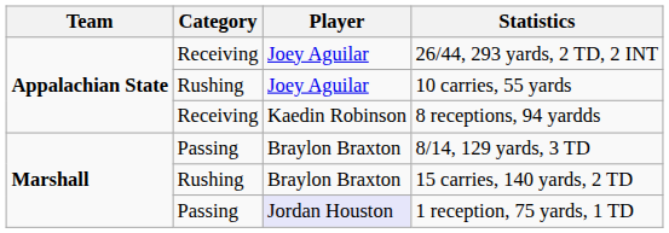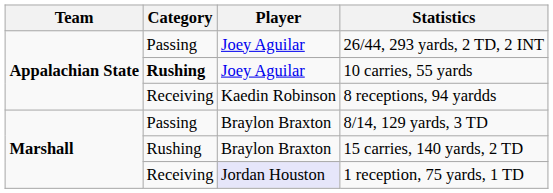 <table class="wikitable" style="float: right;">
 <tr>
 <th>Team</th>
 <th>Category</th>
 <th>Player</th>
 <th>Statistics</th>
 </tr>
 <tr>
 <td rowspan=3><strong>Appalachian State</strong></td>
-<td>Receiving</td>
+<td>Passing</td>
 <td><a href='#'>Joey Aguilar</a></td>
 <td>26/44, 293 yards, 2 TD, 2 INT</td>
 </tr>
 <tr>
-<td>Rushing</td>
+<td><strong>Rushing</strong></td>
 <td><a href='#'>Joey Aguilar</a></td>
 <td>10 carries, 55 yards</td>
 </tr>
 <tr>
 <td>Receiving</td>
 <td>Kaedin Robinson</td>
 <td>8 receptions, 94 yardds</td>
 </tr>
 <tr>
 <td rowspan=3><strong>Marshall</strong></td>
 <td>Passing</td>
 <td>Braylon Braxton</td>
 <td>8/14, 129 yards, 3 TD</td>
 </tr>
 <tr>
 <td>Rushing</td>
 <td>Braylon Braxton</td>
 <td>15 carries, 140 yards, 2 TD</td>
 </tr>
 <tr>
-<td>Passing</td>
+<td>Receiving</td>
 <td style="background: lavender;">Jordan Houston</td>
 <td>1 reception, 75 yards, 1 TD</td>
 </tr>
 </table>
